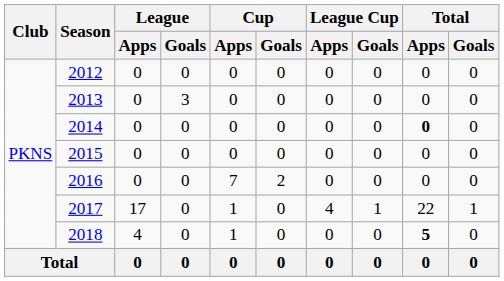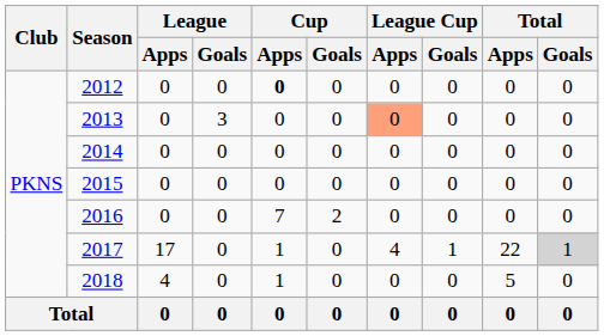 <table class="wikitable" style="text-align: center;">
 <tr>
 <th rowspan=2>Club</th>
 <th rowspan=2>Season</th>
 <th colspan=2>League</th>
 <th colspan=2>Cup</th>
 <th colspan=2>League Cup</th>
 <th colspan=2>Total</th>
 </tr>
 <tr>
 <th>Apps</th>
 <th>Goals</th>
 <th>Apps</th>
 <th>Goals</th>
 <th>Apps</th>
 <th>Goals</th>
 <th>Apps</th>
 <th>Goals</th>
 </tr>
 <tr>
 <td rowspan=7 valign="center"><a href='#'>PKNS</a></td>
 <td><a href='#'>2012</a></td>
 <td>0</td>
 <td>0</td>
-<td>0</td>
+<td><strong>0</strong></td>
 <td>0</td>
 <td>0</td>
 <td>0</td>
 <td>0</td>
 <td>0</td>
 </tr>
 <tr>
 <td><a href='#'>2013</a></td>
 <td>0</td>
 <td>3</td>
 <td>0</td>
 <td>0</td>
-<td>0</td>
+<td style="background: lightsalmon;">0</td>
 <td>0</td>
 <td>0</td>
 <td>0</td>
 </tr>
 <tr>
 <td><a href='#'>2014</a></td>
 <td>0</td>
 <td>0</td>
 <td>0</td>
 <td>0</td>
 <td>0</td>
 <td>0</td>
-<td><strong>0</strong></td>
+<td>0</td>
 <td>0</td>
 </tr>
 <tr>
 <td><a href='#'>2015</a></td>
 <td>0</td>
 <td>0</td>
 <td>0</td>
 <td>0</td>
 <td>0</td>
 <td>0</td>
 <td>0</td>
 <td>0</td>
 </tr>
 <tr>
 <td><a href='#'>2016</a></td>
 <td>0</td>
 <td>0</td>
 <td>7</td>
 <td>2</td>
 <td>0</td>
 <td>0</td>
 <td>0</td>
 <td>0</td>
 </tr>
 <tr>
 <td><a href='#'>2017</a></td>
 <td>17</td>
 <td>0</td>
 <td>1</td>
 <td>0</td>
 <td>4</td>
 <td>1</td>
 <td>22</td>
-<td>1</td>
+<td style="background: lightgrey;">1</td>
 </tr>
 <tr>
 <td><a href='#'>2018</a></td>
 <td>4</td>
 <td>0</td>
 <td>1</td>
 <td>0</td>
 <td>0</td>
 <td>0</td>
-<td><strong>5</strong></td>
+<td>5</td>
 <td>0</td>
 </tr>
 <tr>
 <th colspan=2>Total</th>
 <th>0</th>
 <th>0</th>
 <th>0</th>
 <th>0</th>
 <th>0</th>
 <th>0</th>
 <th>0</th>
 <th>0</th>
 </tr>
 </table>
